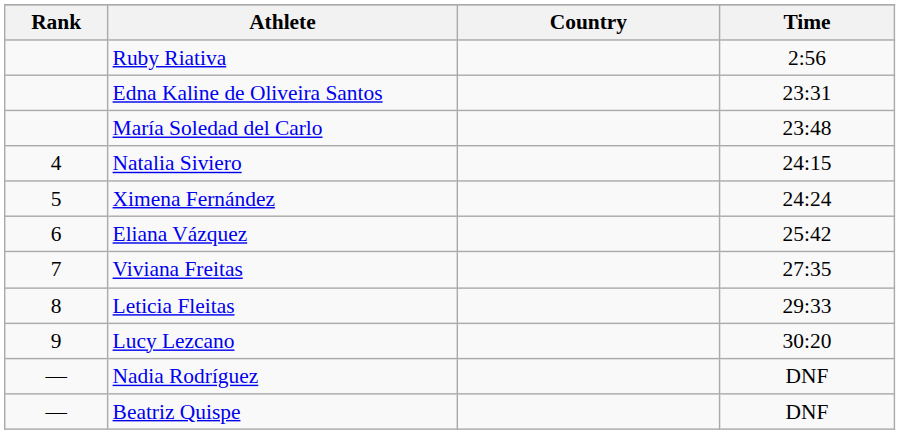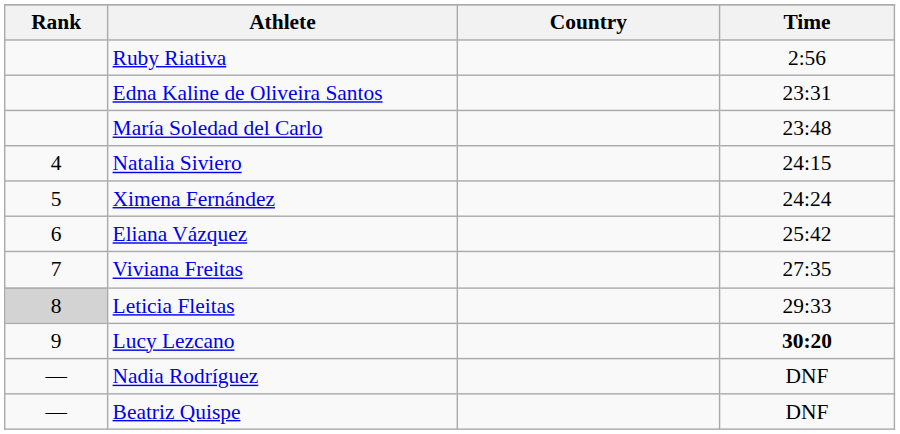 <table class="wikitable sortable" style=" text-align:center; font-size:95%;" width="50%">
 <tr>
 </tr>
 <tr>
 <th width=5%>Rank</th>
 <th width=20%>Athlete</th>
 <th width=15%>Country</th>
 <th width=10%>Time</th>
 </tr>
 <tr>
 <td align=center></td>
 <td align=left><a href='#'>Ruby Riativa</a></td>
 <td align=left></td>
 <td>2:56</td>
 </tr>
 <tr>
 <td align=center></td>
 <td align=left><a href='#'>Edna Kaline de Oliveira Santos</a></td>
 <td align=left></td>
 <td>23:31</td>
 </tr>
 <tr>
 <td align=center></td>
 <td align=left><a href='#'>María Soledad del Carlo</a></td>
 <td align=left></td>
 <td>23:48</td>
 </tr>
 <tr>
 <td align=center>4</td>
 <td align=left><a href='#'>Natalia Siviero</a></td>
 <td align=left></td>
 <td>24:15</td>
 </tr>
 <tr>
 <td align=center>5</td>
 <td align=left><a href='#'>Ximena Fernández</a></td>
 <td align=left></td>
 <td>24:24</td>
 </tr>
 <tr>
 <td align=center>6</td>
 <td align=left><a href='#'>Eliana Vázquez</a></td>
 <td align=left></td>
 <td>25:42</td>
 </tr>
 <tr>
 <td align=center>7</td>
 <td align=left><a href='#'>Viviana Freitas</a></td>
 <td align=left></td>
 <td>27:35</td>
 </tr>
 <tr>
-<td align=center>8</td>
+<td align=center style="background: lightgrey;">8</td>
 <td align=left><a href='#'>Leticia Fleitas</a></td>
 <td align=left></td>
 <td>29:33</td>
 </tr>
 <tr>
 <td align=center>9</td>
 <td align=left><a href='#'>Lucy Lezcano</a></td>
 <td align=left></td>
-<td>30:20</td>
+<td><strong>30:20</strong></td>
 </tr>
 <tr>
 <td align=center>—</td>
 <td align=left><a href='#'>Nadia Rodríguez</a></td>
 <td align=left></td>
 <td>DNF</td>
 </tr>
 <tr>
 <td align=center>—</td>
 <td align=left><a href='#'>Beatriz Quispe</a></td>
 <td align=left></td>
 <td>DNF</td>
 </tr>
 </table>
